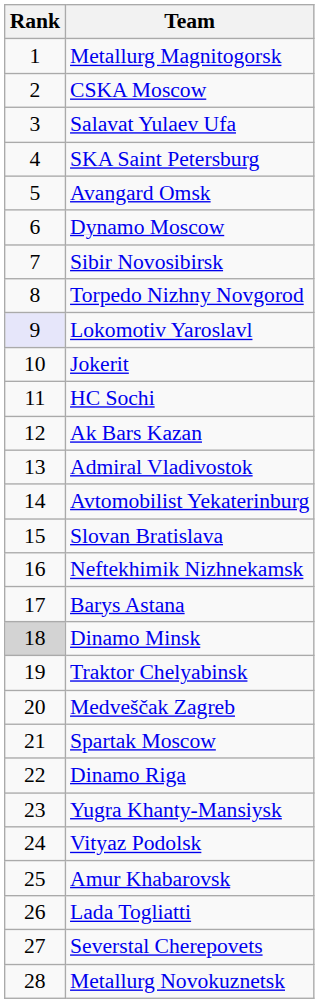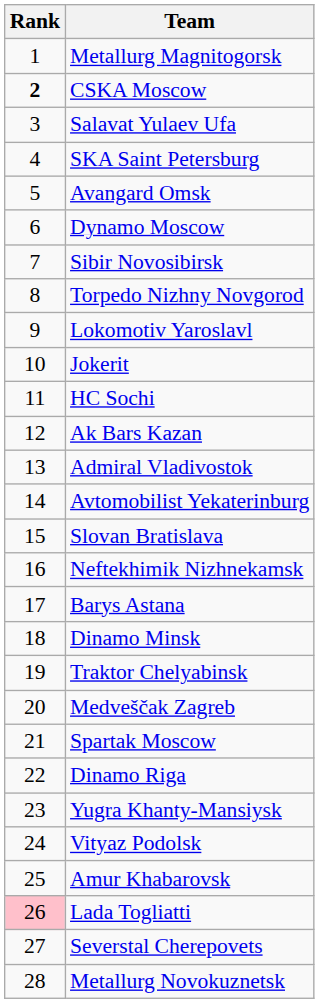 <table class="wikitable">
 <tr>
 <th align="center">Rank</th>
 <th>Team</th>
 </tr>
 <tr>
 <td rowspan="1" align="center">1</td>
 <td> <a href='#'>Metallurg Magnitogorsk</a></td>
 </tr>
 <tr>
-<td rowspan="1" align="center">2</td>
+<td rowspan="1" align="center"><strong>2</strong></td>
 <td> <a href='#'>CSKA Moscow</a></td>
 </tr>
 <tr>
 <td rowspan="1" align="center">3</td>
 <td> <a href='#'>Salavat Yulaev Ufa</a></td>
 </tr>
 <tr>
 <td rowspan="1" align="center">4</td>
 <td> <a href='#'>SKA Saint Petersburg</a></td>
 </tr>
 <tr>
 <td rowspan="1" align="center">5</td>
 <td> <a href='#'>Avangard Omsk</a></td>
 </tr>
 <tr>
 <td rowspan="1" align="center">6</td>
 <td> <a href='#'>Dynamo Moscow</a></td>
 </tr>
 <tr>
 <td rowspan="1" align="center">7</td>
 <td> <a href='#'>Sibir Novosibirsk</a></td>
 </tr>
 <tr>
 <td rowspan="1" align="center">8</td>
 <td> <a href='#'>Torpedo Nizhny Novgorod</a></td>
 </tr>
 <tr>
-<td rowspan="1" align="center" style="background: lavender;">9</td>
+<td rowspan="1" align="center">9</td>
 <td> <a href='#'>Lokomotiv Yaroslavl</a></td>
 </tr>
 <tr>
 <td rowspan="1" align="center">10</td>
 <td> <a href='#'>Jokerit</a></td>
 </tr>
 <tr>
 <td rowspan="1" align="center">11</td>
 <td> <a href='#'>HC Sochi</a></td>
 </tr>
 <tr>
 <td rowspan="1" align="center">12</td>
 <td> <a href='#'>Ak Bars Kazan</a></td>
 </tr>
 <tr>
 <td rowspan="1" align="center">13</td>
 <td> <a href='#'>Admiral Vladivostok</a></td>
 </tr>
 <tr>
 <td rowspan="1" align="center">14</td>
 <td> <a href='#'>Avtomobilist Yekaterinburg</a></td>
 </tr>
 <tr>
 <td rowspan="1" align="center">15</td>
 <td> <a href='#'>Slovan Bratislava</a></td>
 </tr>
 <tr>
 <td rowspan="1" align="center">16</td>
 <td> <a href='#'>Neftekhimik Nizhnekamsk</a></td>
 </tr>
 <tr>
 <td rowspan="1" align="center">17</td>
 <td> <a href='#'>Barys Astana</a></td>
 </tr>
 <tr>
-<td rowspan="1" align="center" style="background: lightgrey;">18</td>
+<td rowspan="1" align="center">18</td>
 <td> <a href='#'>Dinamo Minsk</a></td>
 </tr>
 <tr>
 <td rowspan="1" align="center">19</td>
 <td> <a href='#'>Traktor Chelyabinsk</a></td>
 </tr>
 <tr>
 <td rowspan="1" align="center">20</td>
 <td> <a href='#'>Medveščak Zagreb</a></td>
 </tr>
 <tr>
 <td rowspan="1" align="center">21</td>
 <td> <a href='#'>Spartak Moscow</a></td>
 </tr>
 <tr>
 <td rowspan="1" align="center">22</td>
 <td> <a href='#'>Dinamo Riga</a></td>
 </tr>
 <tr>
 <td rowspan="1" align="center">23</td>
 <td> <a href='#'>Yugra Khanty-Mansiysk</a></td>
 </tr>
 <tr>
 <td rowspan="1" align="center">24</td>
 <td> <a href='#'>Vityaz Podolsk</a></td>
 </tr>
 <tr>
 <td rowspan="1" align="center">25</td>
 <td> <a href='#'>Amur Khabarovsk</a></td>
 </tr>
 <tr>
-<td rowspan="1" align="center">26</td>
+<td rowspan="1" align="center" style="background: pink;">26</td>
 <td> <a href='#'>Lada Togliatti</a></td>
 </tr>
 <tr>
 <td rowspan="1" align="center">27</td>
 <td> <a href='#'>Severstal Cherepovets</a></td>
 </tr>
 <tr>
 <td rowspan="1" align="center">28</td>
 <td> <a href='#'>Metallurg Novokuznetsk</a></td>
 </tr>
 </table>
